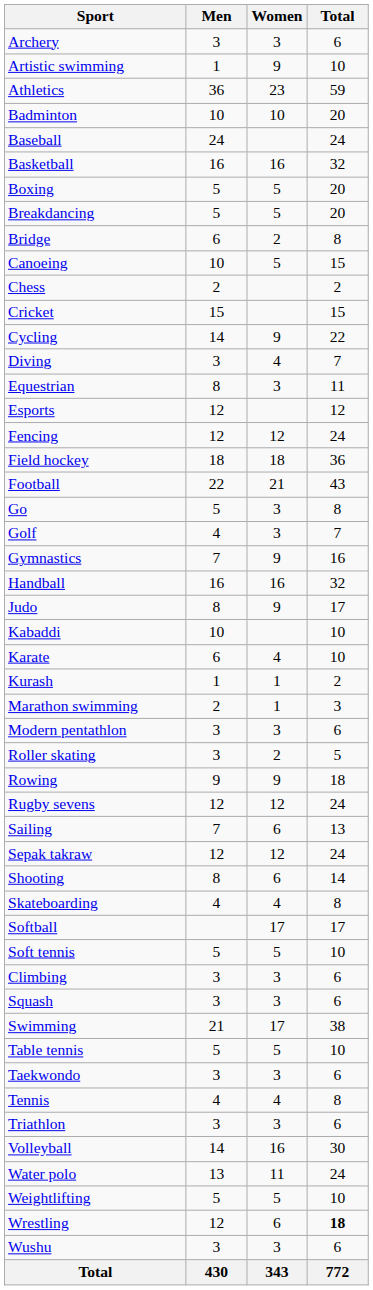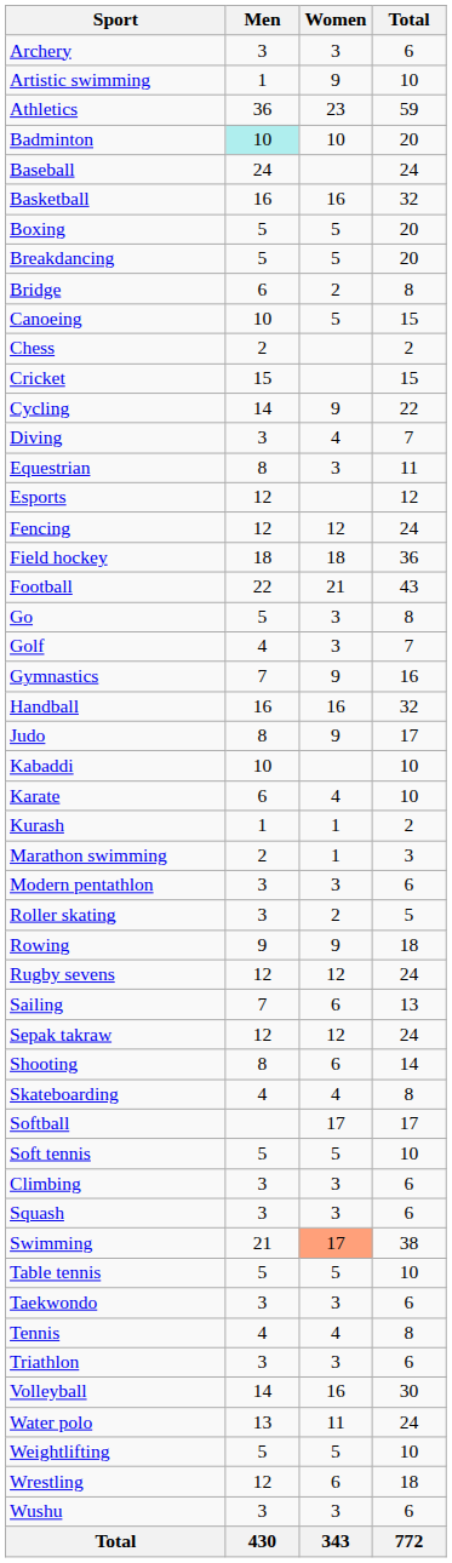 <table class="wikitable sortable" style="text-align:center;">
 <tr>
 <th width=180>Sport</th>
 <th width=55>Men</th>
 <th width=55>Women</th>
 <th width=55>Total</th>
 </tr>
 <tr>
 <td align=left><a href='#'>Archery</a></td>
 <td>3</td>
 <td>3</td>
 <td>6</td>
 </tr>
 <tr>
 <td align=left><a href='#'>Artistic swimming</a></td>
 <td>1</td>
 <td>9</td>
 <td>10</td>
 </tr>
 <tr>
 <td align=left><a href='#'>Athletics</a></td>
 <td>36</td>
 <td>23</td>
 <td>59</td>
 </tr>
 <tr>
 <td align=left><a href='#'>Badminton</a></td>
-<td>10</td>
+<td style="background: paleturquoise;">10</td>
 <td>10</td>
 <td>20</td>
 </tr>
 <tr>
 <td align=left><a href='#'>Baseball</a></td>
 <td>24</td>
 <td></td>
 <td>24</td>
 </tr>
 <tr>
 <td align=left><a href='#'>Basketball</a></td>
 <td>16</td>
 <td>16</td>
 <td>32</td>
 </tr>
 <tr>
 <td align=left><a href='#'>Boxing</a></td>
 <td>5</td>
 <td>5</td>
 <td>20</td>
 </tr>
 <tr>
 <td align=left><a href='#'>Breakdancing</a></td>
 <td>5</td>
 <td>5</td>
 <td>20</td>
 </tr>
 <tr>
 <td align=left><a href='#'>Bridge</a></td>
 <td>6</td>
 <td>2</td>
 <td>8</td>
 </tr>
 <tr>
 <td align=left><a href='#'>Canoeing</a></td>
 <td>10</td>
 <td>5</td>
 <td>15</td>
 </tr>
 <tr>
 <td align=left><a href='#'>Chess</a></td>
 <td>2</td>
 <td></td>
 <td>2</td>
 </tr>
 <tr>
 <td align=left><a href='#'>Cricket</a></td>
 <td>15</td>
 <td></td>
 <td>15</td>
 </tr>
 <tr>
 <td align=left><a href='#'>Cycling</a></td>
 <td>14</td>
 <td>9</td>
 <td>22</td>
 </tr>
 <tr>
 <td align=left><a href='#'>Diving</a></td>
 <td>3</td>
 <td>4</td>
 <td>7</td>
 </tr>
 <tr>
 <td align=left><a href='#'>Equestrian</a></td>
 <td>8</td>
 <td>3</td>
 <td>11</td>
 </tr>
 <tr>
 <td align=left><a href='#'>Esports</a></td>
 <td>12</td>
 <td></td>
 <td>12</td>
 </tr>
 <tr>
 <td align=left><a href='#'>Fencing</a></td>
 <td>12</td>
 <td>12</td>
 <td>24</td>
 </tr>
 <tr>
 <td align=left><a href='#'>Field hockey</a></td>
 <td>18</td>
 <td>18</td>
 <td>36</td>
 </tr>
 <tr>
 <td align=left><a href='#'>Football</a></td>
 <td>22</td>
 <td>21</td>
 <td>43</td>
 </tr>
 <tr>
 <td align=left><a href='#'>Go</a></td>
 <td>5</td>
 <td>3</td>
 <td>8</td>
 </tr>
 <tr>
 <td align=left><a href='#'>Golf</a></td>
 <td>4</td>
 <td>3</td>
 <td>7</td>
 </tr>
 <tr>
 <td align=left><a href='#'>Gymnastics</a></td>
 <td>7</td>
 <td>9</td>
 <td>16</td>
 </tr>
 <tr>
 <td align=left><a href='#'>Handball</a></td>
 <td>16</td>
 <td>16</td>
 <td>32</td>
 </tr>
 <tr>
 <td align=left><a href='#'>Judo</a></td>
 <td>8</td>
 <td>9</td>
 <td>17</td>
 </tr>
 <tr>
 <td align=left><a href='#'>Kabaddi</a></td>
 <td>10</td>
 <td></td>
 <td>10</td>
 </tr>
 <tr>
 <td align=left><a href='#'>Karate</a></td>
 <td>6</td>
 <td>4</td>
 <td>10</td>
 </tr>
 <tr>
 <td align=left><a href='#'>Kurash</a></td>
 <td>1</td>
 <td>1</td>
 <td>2</td>
 </tr>
 <tr>
 <td align=left><a href='#'>Marathon swimming</a></td>
 <td>2</td>
 <td>1</td>
 <td>3</td>
 </tr>
 <tr>
 <td align=left><a href='#'>Modern pentathlon</a></td>
 <td>3</td>
 <td>3</td>
 <td>6</td>
 </tr>
 <tr>
 <td align=left><a href='#'>Roller skating</a></td>
 <td>3</td>
 <td>2</td>
 <td>5</td>
 </tr>
 <tr>
 <td align=left><a href='#'>Rowing</a></td>
 <td>9</td>
 <td>9</td>
 <td>18</td>
 </tr>
 <tr>
 <td align=left><a href='#'>Rugby sevens</a></td>
 <td>12</td>
 <td>12</td>
 <td>24</td>
 </tr>
 <tr>
 <td align=left><a href='#'>Sailing</a></td>
 <td>7</td>
 <td>6</td>
 <td>13</td>
 </tr>
 <tr>
 <td align=left><a href='#'>Sepak takraw</a></td>
 <td>12</td>
 <td>12</td>
 <td>24</td>
 </tr>
 <tr>
 <td align=left><a href='#'>Shooting</a></td>
 <td>8</td>
 <td>6</td>
 <td>14</td>
 </tr>
 <tr>
 <td align=left><a href='#'>Skateboarding</a></td>
 <td>4</td>
 <td>4</td>
 <td>8</td>
 </tr>
 <tr>
 <td align=left><a href='#'>Softball</a></td>
 <td></td>
 <td>17</td>
 <td>17</td>
 </tr>
 <tr>
 <td align=left><a href='#'>Soft tennis</a></td>
 <td>5</td>
 <td>5</td>
 <td>10</td>
 </tr>
 <tr>
 <td align=left><a href='#'>Climbing</a></td>
 <td>3</td>
 <td>3</td>
 <td>6</td>
 </tr>
 <tr>
 <td align=left><a href='#'>Squash</a></td>
 <td>3</td>
 <td>3</td>
 <td>6</td>
 </tr>
 <tr>
 <td align=left><a href='#'>Swimming</a></td>
 <td>21</td>
-<td>17</td>
+<td style="background: lightsalmon;">17</td>
 <td>38</td>
 </tr>
 <tr>
 <td align=left><a href='#'>Table tennis</a></td>
 <td>5</td>
 <td>5</td>
 <td>10</td>
 </tr>
 <tr>
 <td align=left><a href='#'>Taekwondo</a></td>
 <td>3</td>
 <td>3</td>
 <td>6</td>
 </tr>
 <tr>
 <td align=left><a href='#'>Tennis</a></td>
 <td>4</td>
 <td>4</td>
 <td>8</td>
 </tr>
 <tr>
 <td align=left><a href='#'>Triathlon</a></td>
 <td>3</td>
 <td>3</td>
 <td>6</td>
 </tr>
 <tr>
 <td align=left><a href='#'>Volleyball</a></td>
 <td>14</td>
 <td>16</td>
 <td>30</td>
 </tr>
 <tr>
 <td align=left><a href='#'>Water polo</a></td>
 <td>13</td>
 <td>11</td>
 <td>24</td>
 </tr>
 <tr>
 <td align=left><a href='#'>Weightlifting</a></td>
 <td>5</td>
 <td>5</td>
 <td>10</td>
 </tr>
 <tr>
 <td align=left><a href='#'>Wrestling</a></td>
 <td>12</td>
 <td>6</td>
-<td><strong>18</strong></td>
+<td>18</td>
 </tr>
 <tr>
 <td align=left><a href='#'>Wushu</a></td>
 <td>3</td>
 <td>3</td>
 <td>6</td>
 </tr>
 <tr>
 <th>Total</th>
 <th>430</th>
 <th>343</th>
 <th>772</th>
 </tr>
 </table>
